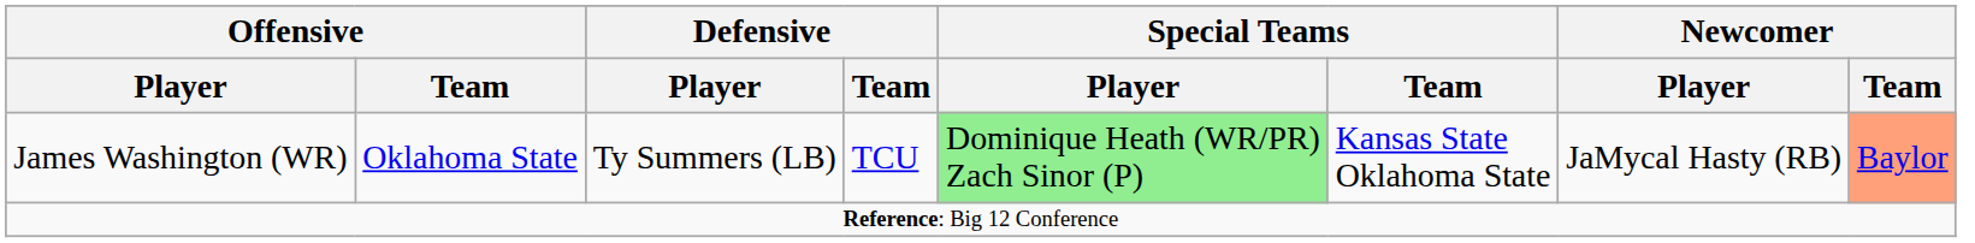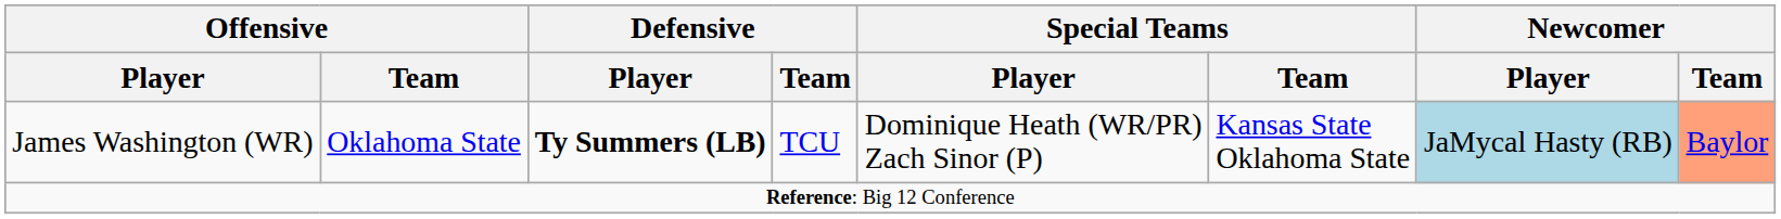 <table class="wikitable">
 <tr>
 <th colspan="2">Offensive</th>
 <th colspan="2">Defensive</th>
 <th colspan="2">Special Teams</th>
 <th colspan="2">Newcomer</th>
 </tr>
 <tr>
 <th>Player</th>
 <th>Team</th>
 <th>Player</th>
 <th>Team</th>
 <th>Player</th>
 <th>Team</th>
 <th>Player</th>
 <th>Team</th>
 </tr>
 <tr>
 <td>James Washington (WR)</td>
 <td><a href='#'>Oklahoma State</a></td>
-<td>Ty Summers (LB)</td>
+<td><strong>Ty Summers (LB)</strong></td>
 <td><a href='#'>TCU</a></td>
-<td style="background: lightgreen;">Dominique Heath (WR/PR)<br>Zach Sinor (P)</td>
+<td>Dominique Heath (WR/PR)<br>Zach Sinor (P)</td>
 <td><a href='#'>Kansas State</a><br>Oklahoma State</td>
-<td>JaMycal Hasty (RB)</td>
+<td style="background: lightblue;">JaMycal Hasty (RB)</td>
 <td style="background: lightsalmon;"><a href='#'>Baylor</a></td>
 </tr>
 <tr>
 <td colspan="12"  style="font-size:8pt; text-align:center;"><strong>Reference</strong>: Big 12 Conference</td>
 </tr>
 </table>
